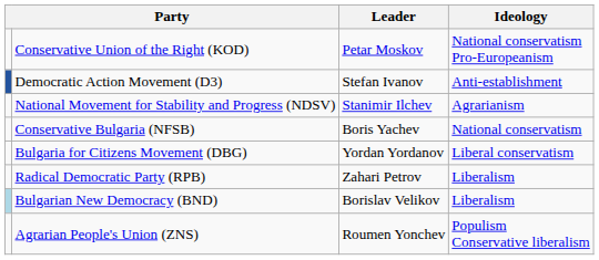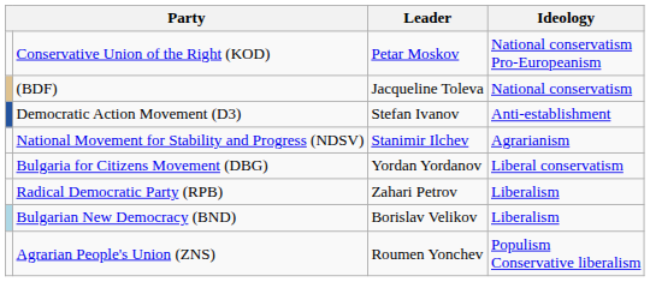 <table class="wikitable" style="font-size:95%; white-space: nowrap">
 <tr>
 <th colspan="2" style="width:200px">Party</th>
 <th style="width:100px">Leader</th>
 <th style="width:120px">Ideology</th>
 </tr>
 <tr>
 <td style="background:"></td>
 <td><a href='#'>Conservative Union of the Right</a> (KOD)</td>
 <td><a href='#'>Petar Moskov</a></td>
 <td><a href='#'>National conservatism</a><br><a href='#'>Pro-Europeanism</a></td>
 </tr>
 <tr>
+<td style="background:#dfc28f;"></td>
+<td> (BDF)</td>
+<td>Jacqueline Toleva</td>
+<td><a href='#'>National conservatism</a></td>
+</tr>
+<tr>
 <td style="background:#23539e;"></td>
 <td>Democratic Action Movement (D3)</td>
 <td>Stefan Ivanov</td>
 <td><a href='#'>Anti-establishment</a></td>
 </tr>
 <tr>
 <td style="background:"></td>
 <td><a href='#'>National Movement for Stability and Progress</a> (NDSV)</td>
 <td><a href='#'>Stanimir Ilchev</a></td>
 <td><a href='#'>Agrarianism</a></td>
-</tr>
-<tr>
-<td style="background:"></td>
-<td><a href='#'>Conservative Bulgaria</a> (NFSB)</td>
-<td>Boris Yachev</td>
-<td><a href='#'>National conservatism</a></td>
 </tr>
 <tr>
 <td style="background:"></td>
 <td><a href='#'>Bulgaria for Citizens Movement</a> (DBG)</td>
 <td>Yordan Yordanov</td>
 <td><a href='#'>Liberal conservatism</a></td>
 </tr>
 <tr>
 <td style="background:"></td>
 <td><a href='#'>Radical Democratic Party</a> (RPB)</td>
 <td>Zahari Petrov</td>
 <td><a href='#'>Liberalism</a></td>
 </tr>
 <tr>
 <td style="background:#add8e6;"></td>
 <td><a href='#'>Bulgarian New Democracy</a> (BND)</td>
 <td>Borislav Velikov</td>
 <td><a href='#'>Liberalism</a></td>
 </tr>
 <tr>
 <td style="background:"></td>
 <td><a href='#'>Agrarian People's Union</a> (ZNS)</td>
 <td>Roumen Yonchev</td>
 <td><a href='#'>Populism</a><br><a href='#'>Conservative liberalism</a></td>
 </tr>
 </table>
